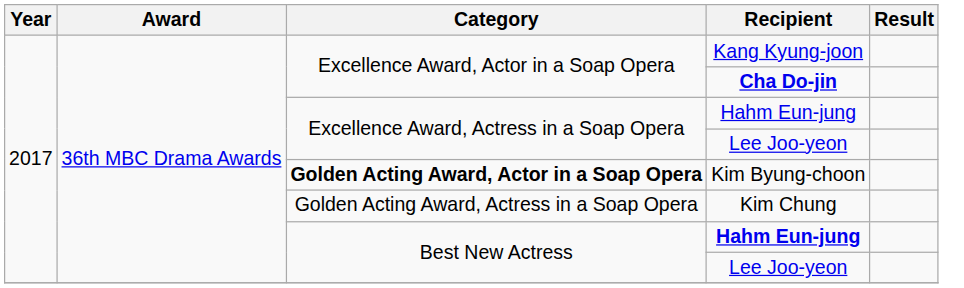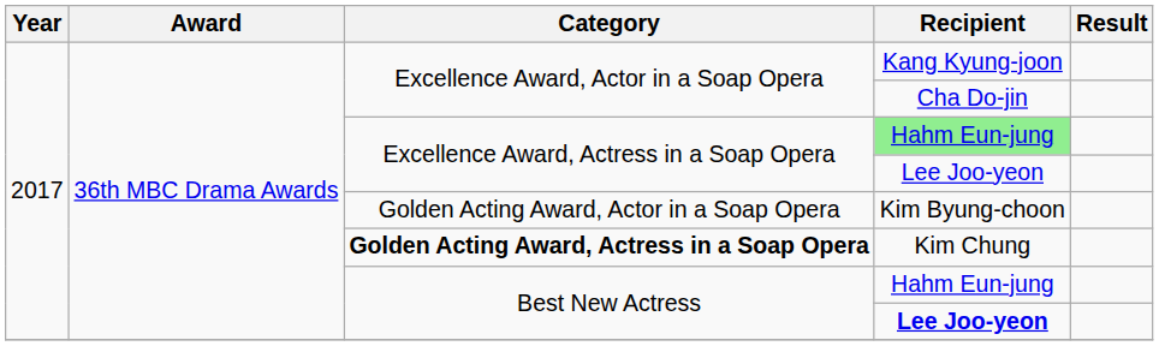 <table class="wikitable sortable plainrowheaders" style="text-align:center;">
 <tr>
 <th>Year</th>
 <th>Award</th>
 <th>Category</th>
 <th>Recipient</th>
 <th>Result</th>
 </tr>
 <tr>
 <td rowspan="8">2017</td>
 <td rowspan="8"><a href='#'>36th MBC Drama Awards</a></td>
 <td rowspan="2">Excellence Award, Actor in a Soap Opera</td>
 <td><a href='#'>Kang Kyung-joon</a></td>
 <td></td>
 </tr>
 <tr>
-<td><strong><a href='#'>Cha Do-jin</a></strong></td>
+<td><a href='#'>Cha Do-jin</a></td>
 <td></td>
 </tr>
 <tr>
 <td rowspan="2">Excellence Award, Actress in a Soap Opera</td>
-<td><a href='#'>Hahm Eun-jung</a></td>
+<td style="background: lightgreen;"><a href='#'>Hahm Eun-jung</a></td>
 <td></td>
 </tr>
 <tr>
 <td><a href='#'>Lee Joo-yeon</a></td>
 <td></td>
 </tr>
 <tr>
-<td><strong>Golden Acting Award, Actor in a Soap Opera</strong></td>
+<td>Golden Acting Award, Actor in a Soap Opera</td>
 <td>Kim Byung-choon</td>
 <td></td>
 </tr>
 <tr>
-<td>Golden Acting Award, Actress in a Soap Opera</td>
+<td><strong>Golden Acting Award, Actress in a Soap Opera</strong></td>
 <td>Kim Chung</td>
 <td></td>
 </tr>
 <tr>
 <td rowspan="2">Best New Actress</td>
-<td><strong><a href='#'>Hahm Eun-jung</a></strong></td>
+<td><a href='#'>Hahm Eun-jung</a></td>
 <td></td>
 </tr>
 <tr>
-<td><a href='#'>Lee Joo-yeon</a></td>
+<td><strong><a href='#'>Lee Joo-yeon</a></strong></td>
 <td></td>
 </tr>
 <tr>
 </tr>
 </table>
